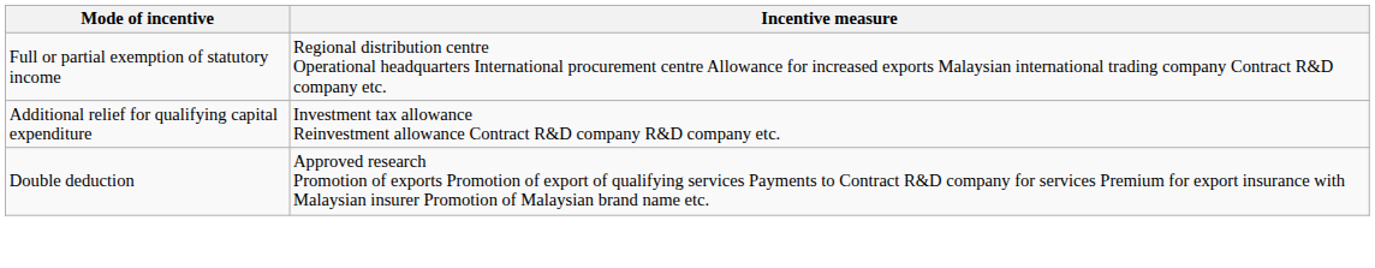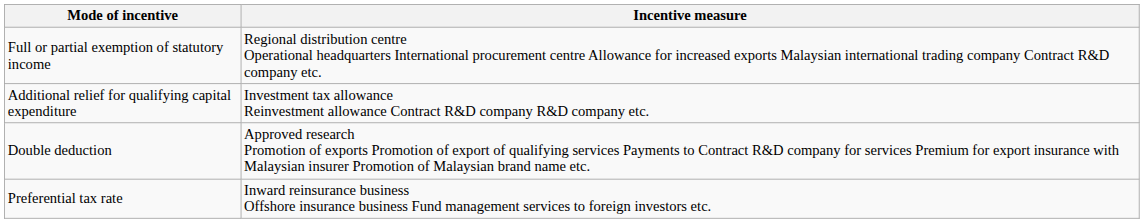 <table class="wikitable">
 <tr>
 <th>Mode of incentive</th>
 <th>Incentive measure</th>
 </tr>
 <tr>
 <td>Full or partial exemption of statutory income</td>
 <td>Regional distribution centre<br>Operational headquarters International procurement centre Allowance for increased exports Malaysian international trading company Contract R&D company etc.</td>
 </tr>
 <tr>
 <td>Additional relief for qualifying capital expenditure</td>
 <td>Investment tax allowance<br>Reinvestment allowance Contract R&D company R&D company etc.</td>
 </tr>
 <tr>
 <td>Double deduction</td>
 <td>Approved research<br>Promotion of exports Promotion of export of qualifying services Payments to Contract R&D company for services Premium for export insurance with Malaysian insurer Promotion of Malaysian brand name etc.</td>
 </tr>
+<tr>
+<td>Preferential tax rate</td>
+<td>Inward reinsurance business<br>Offshore insurance business Fund management services to foreign investors etc.</td>
+</tr>
 </table>
